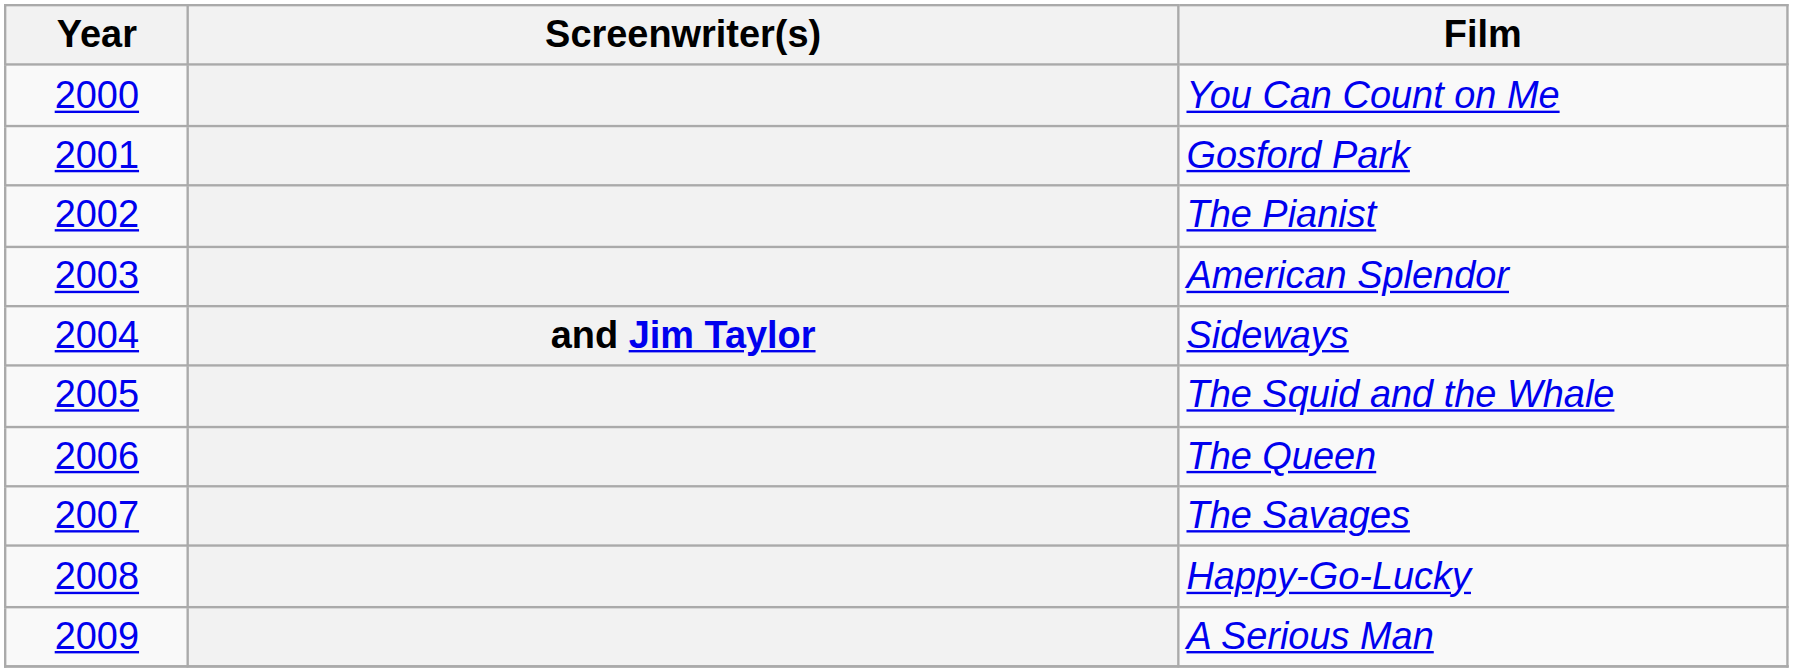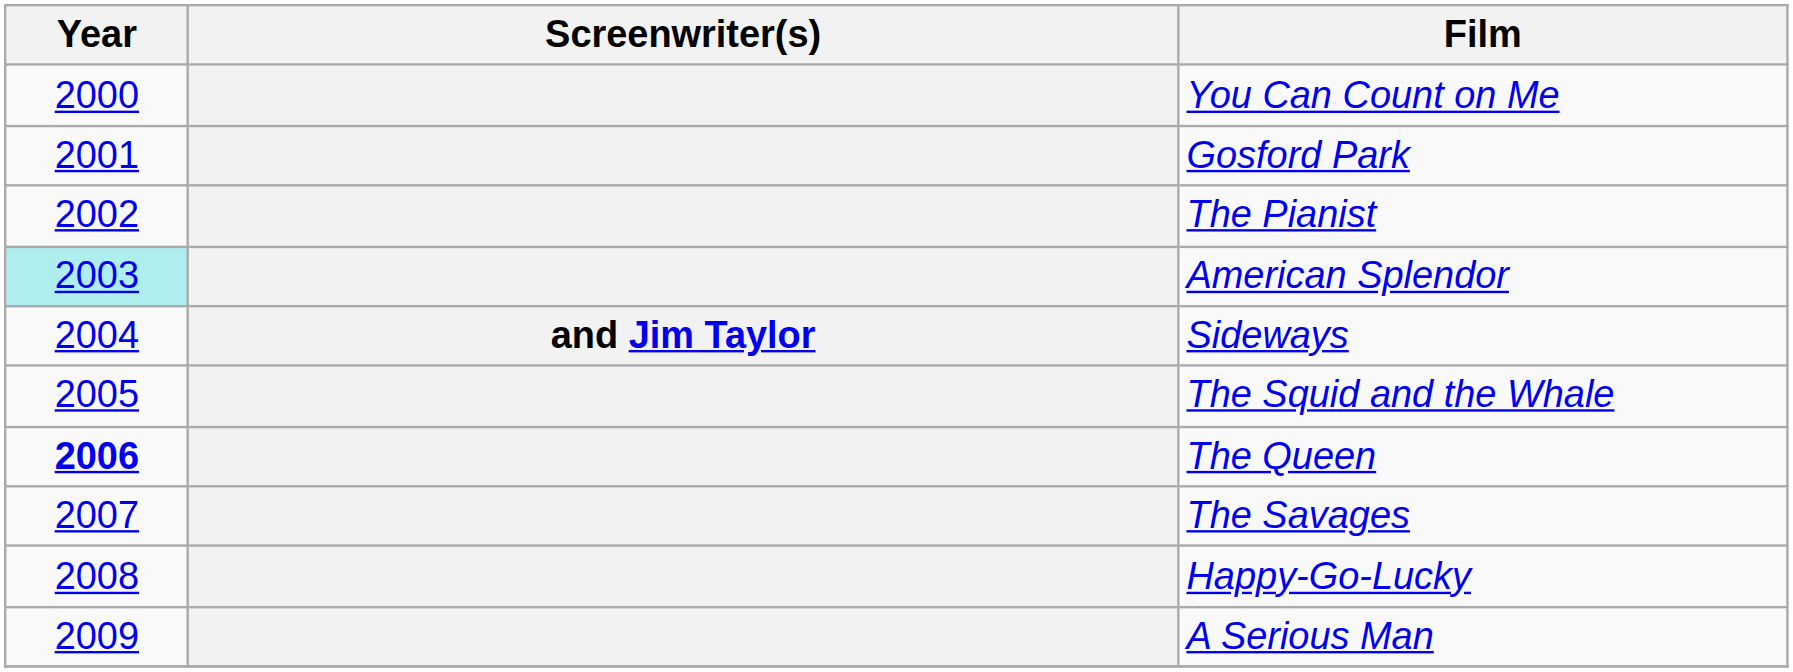 <table class="sortable wikitable plainrowheaders">
 <tr>
 <th scope="col" width=70>Year</th>
 <th scope="col" width=410>Screenwriter(s)</th>
 <th scope="col" width=250>Film</th>
 </tr>
 <tr>
 <td style="text-align:center;"><a href='#'>2000</a></td>
 <th scope=row></th>
 <td><em><a href='#'>You Can Count on Me</a></em></td>
 </tr>
 <tr>
 <td style="text-align:center;"><a href='#'>2001</a></td>
 <th scope=row></th>
 <td><em><a href='#'>Gosford Park</a></em></td>
 </tr>
 <tr>
 <td style="text-align:center;"><a href='#'>2002</a></td>
 <th scope=row></th>
 <td><em><a href='#'>The Pianist</a></em></td>
 </tr>
 <tr>
-<td style="text-align:center;"><a href='#'>2003</a></td>
+<td style="background: paleturquoise; text-align:center;"><a href='#'>2003</a></td>
 <th scope=row></th>
 <td><em><a href='#'>American Splendor</a></em></td>
 </tr>
 <tr>
 <td style="text-align:center;"><a href='#'>2004</a></td>
 <th scope=row> and <a href='#'>Jim Taylor</a></th>
 <td><em><a href='#'>Sideways</a></em></td>
 </tr>
 <tr>
 <td style="text-align:center;"><a href='#'>2005</a></td>
 <th scope=row></th>
 <td><em><a href='#'>The Squid and the Whale</a></em></td>
 </tr>
 <tr>
-<td style="text-align:center;"><a href='#'>2006</a></td>
+<td style="text-align:center;"><strong><a href='#'>2006</a></strong></td>
 <th scope=row></th>
 <td><em><a href='#'>The Queen</a></em></td>
 </tr>
 <tr>
 <td style="text-align:center;"><a href='#'>2007</a></td>
 <th scope=row></th>
 <td><em><a href='#'>The Savages</a></em></td>
 </tr>
 <tr>
 <td style="text-align:center;"><a href='#'>2008</a></td>
 <th scope=row></th>
 <td><em><a href='#'>Happy-Go-Lucky</a></em></td>
 </tr>
 <tr>
 <td style="text-align:center;"><a href='#'>2009</a></td>
 <th scope=row></th>
 <td><em><a href='#'>A Serious Man</a></em></td>
 </tr>
 <tr>
 </tr>
 </table>
